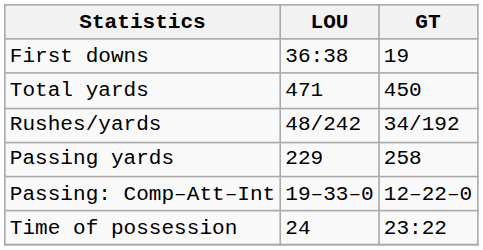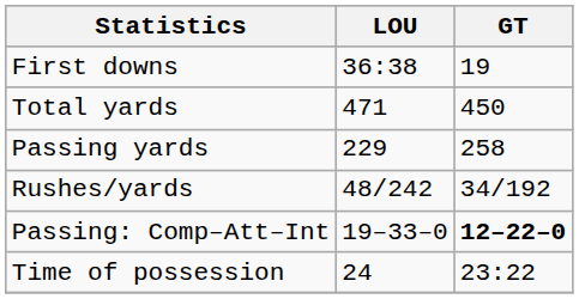 <table class="wikitable" style="float: left;">
 <tr>
 <th>Statistics</th>
 <th>LOU</th>
 <th>GT</th>
 </tr>
 <tr>
 <td>First downs</td>
 <td>36:38</td>
 <td>19</td>
 </tr>
 <tr>
 <td>Total yards</td>
 <td>471</td>
 <td>450</td>
 </tr>
 <tr>
+<td>Passing yards</td>
+<td>229</td>
+<td>258</td>
+</tr>
+<tr>
 <td>Rushes/yards</td>
 <td>48/242</td>
 <td>34/192</td>
 </tr>
 <tr>
-<td>Passing yards</td>
-<td>229</td>
-<td>258</td>
-</tr>
-<tr>
 <td>Passing: Comp–Att–Int</td>
 <td>19–33–0</td>
-<td>12–22–0</td>
+<td><strong>12–22–0</strong></td>
 </tr>
 <tr>
 <td>Time of possession</td>
 <td>24</td>
 <td>23:22</td>
 </tr>
 <tr>
 </tr>
 </table>
